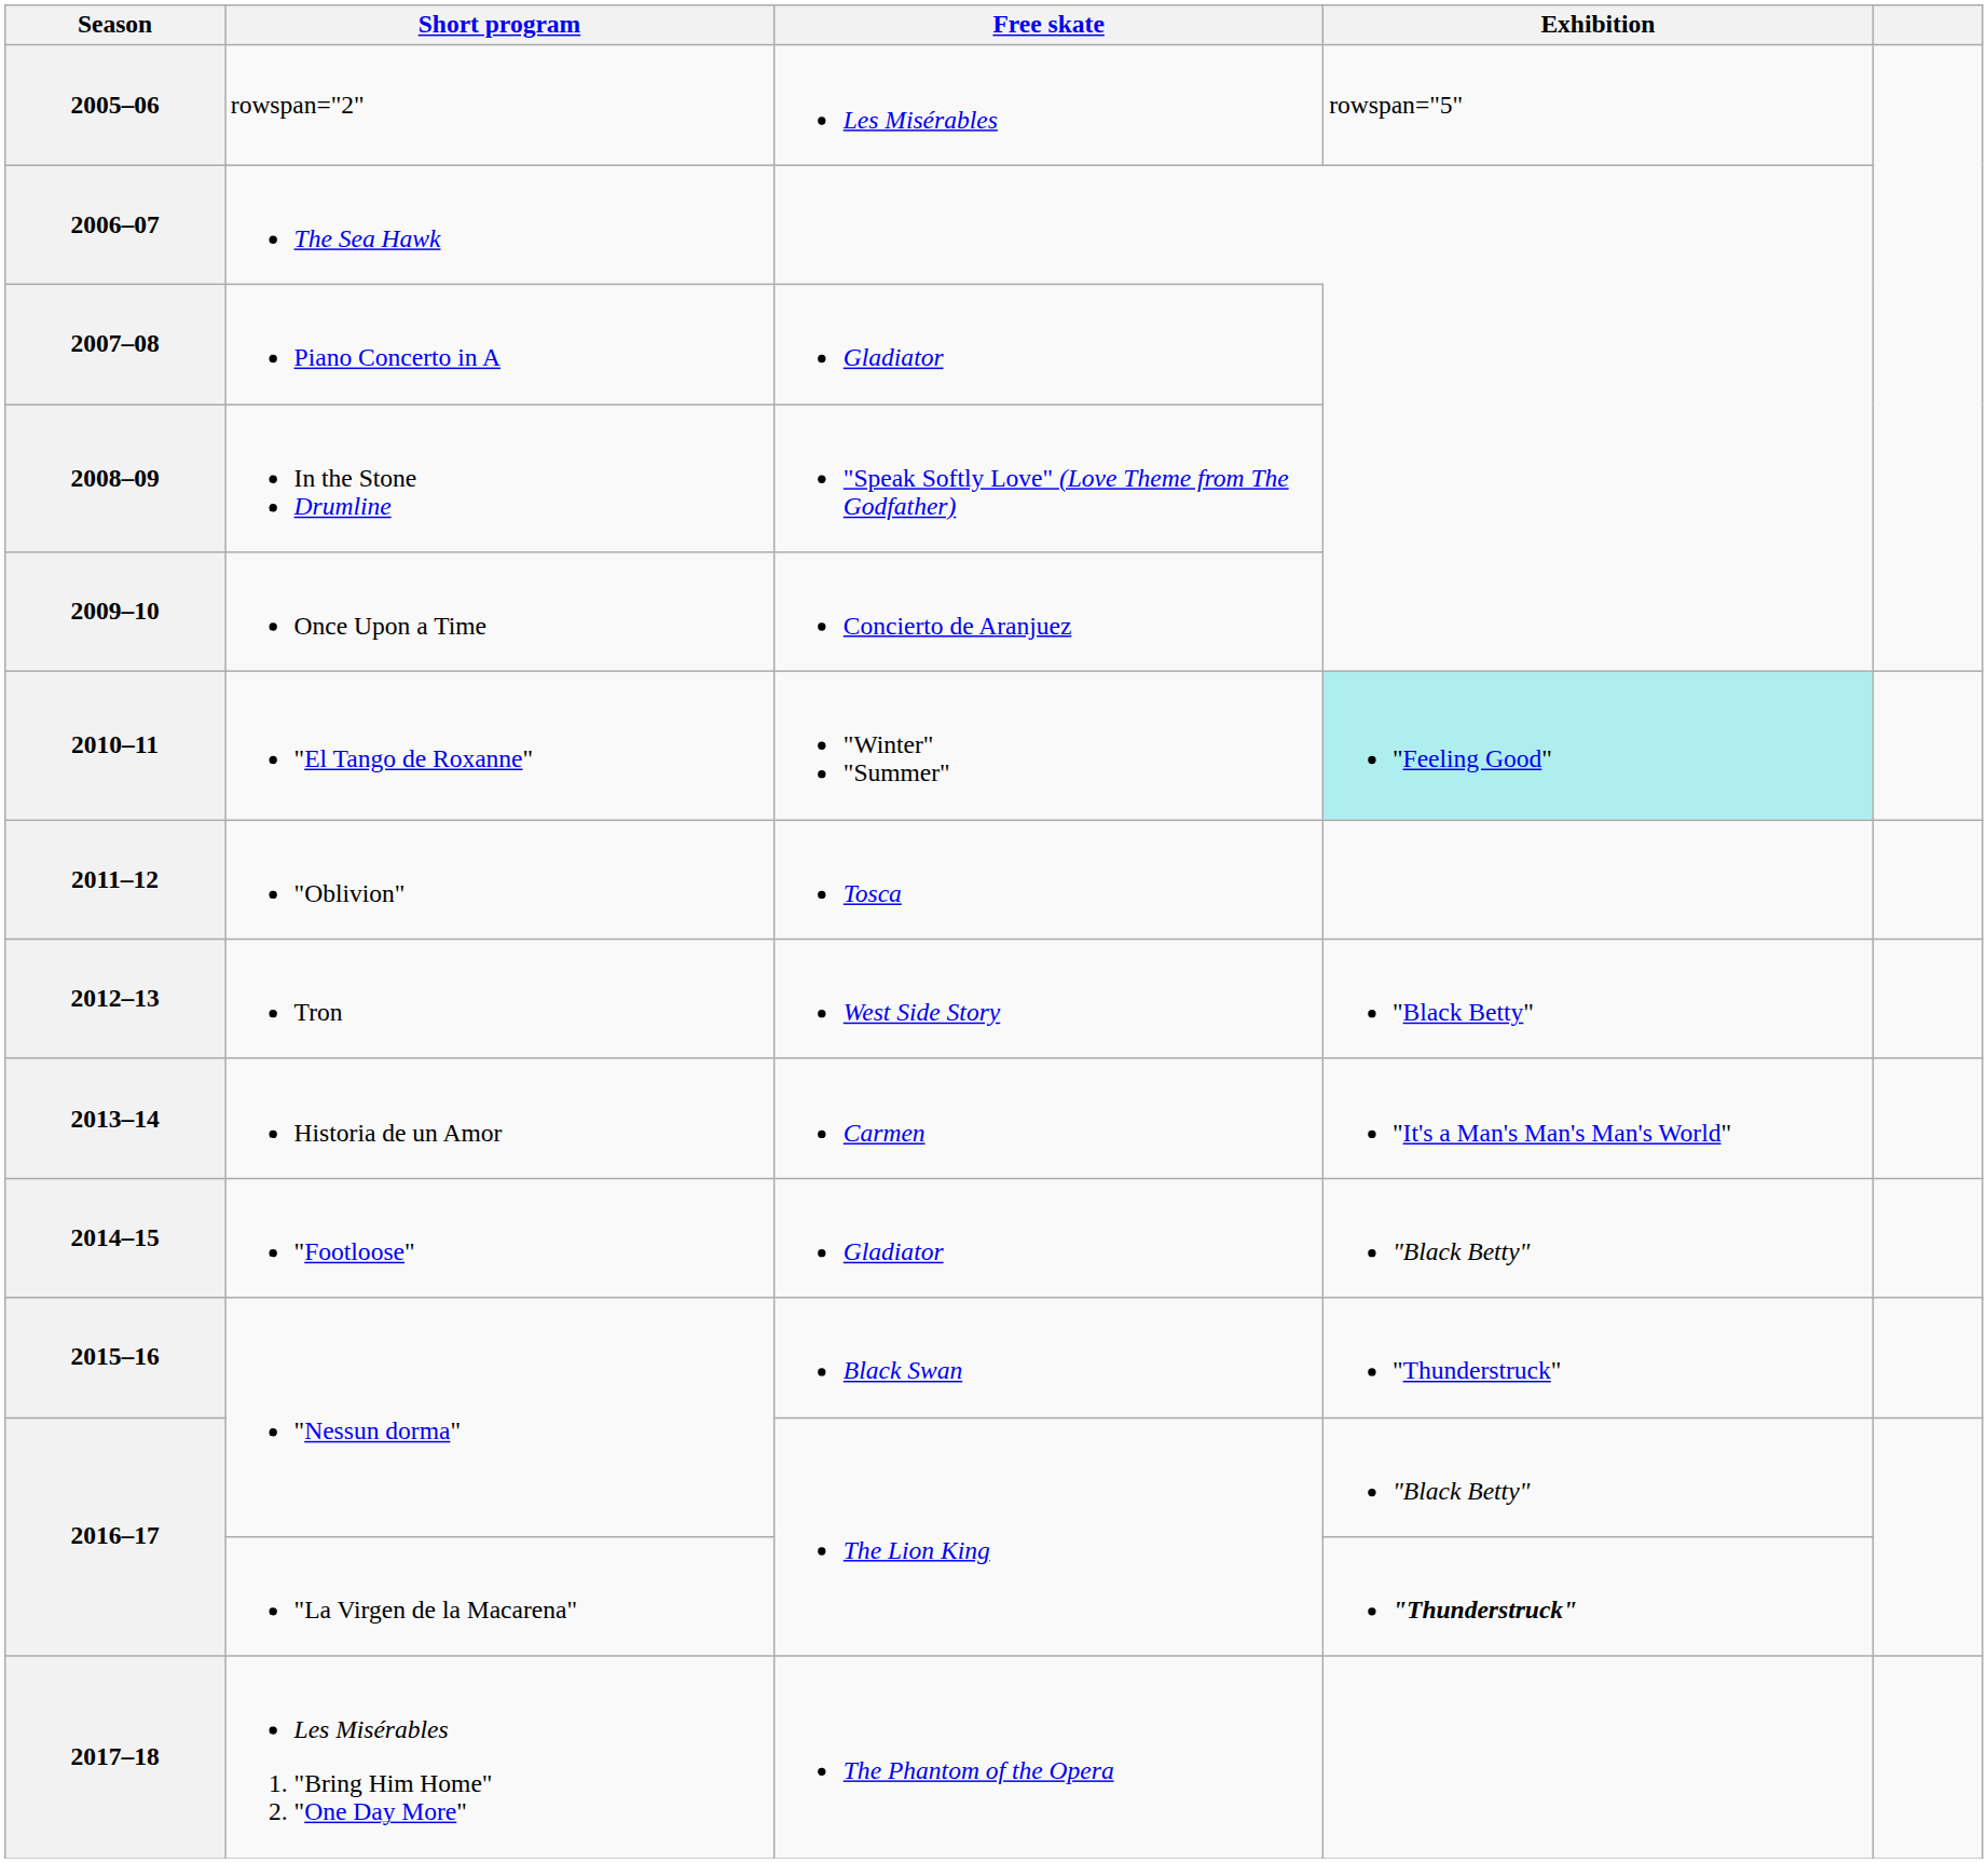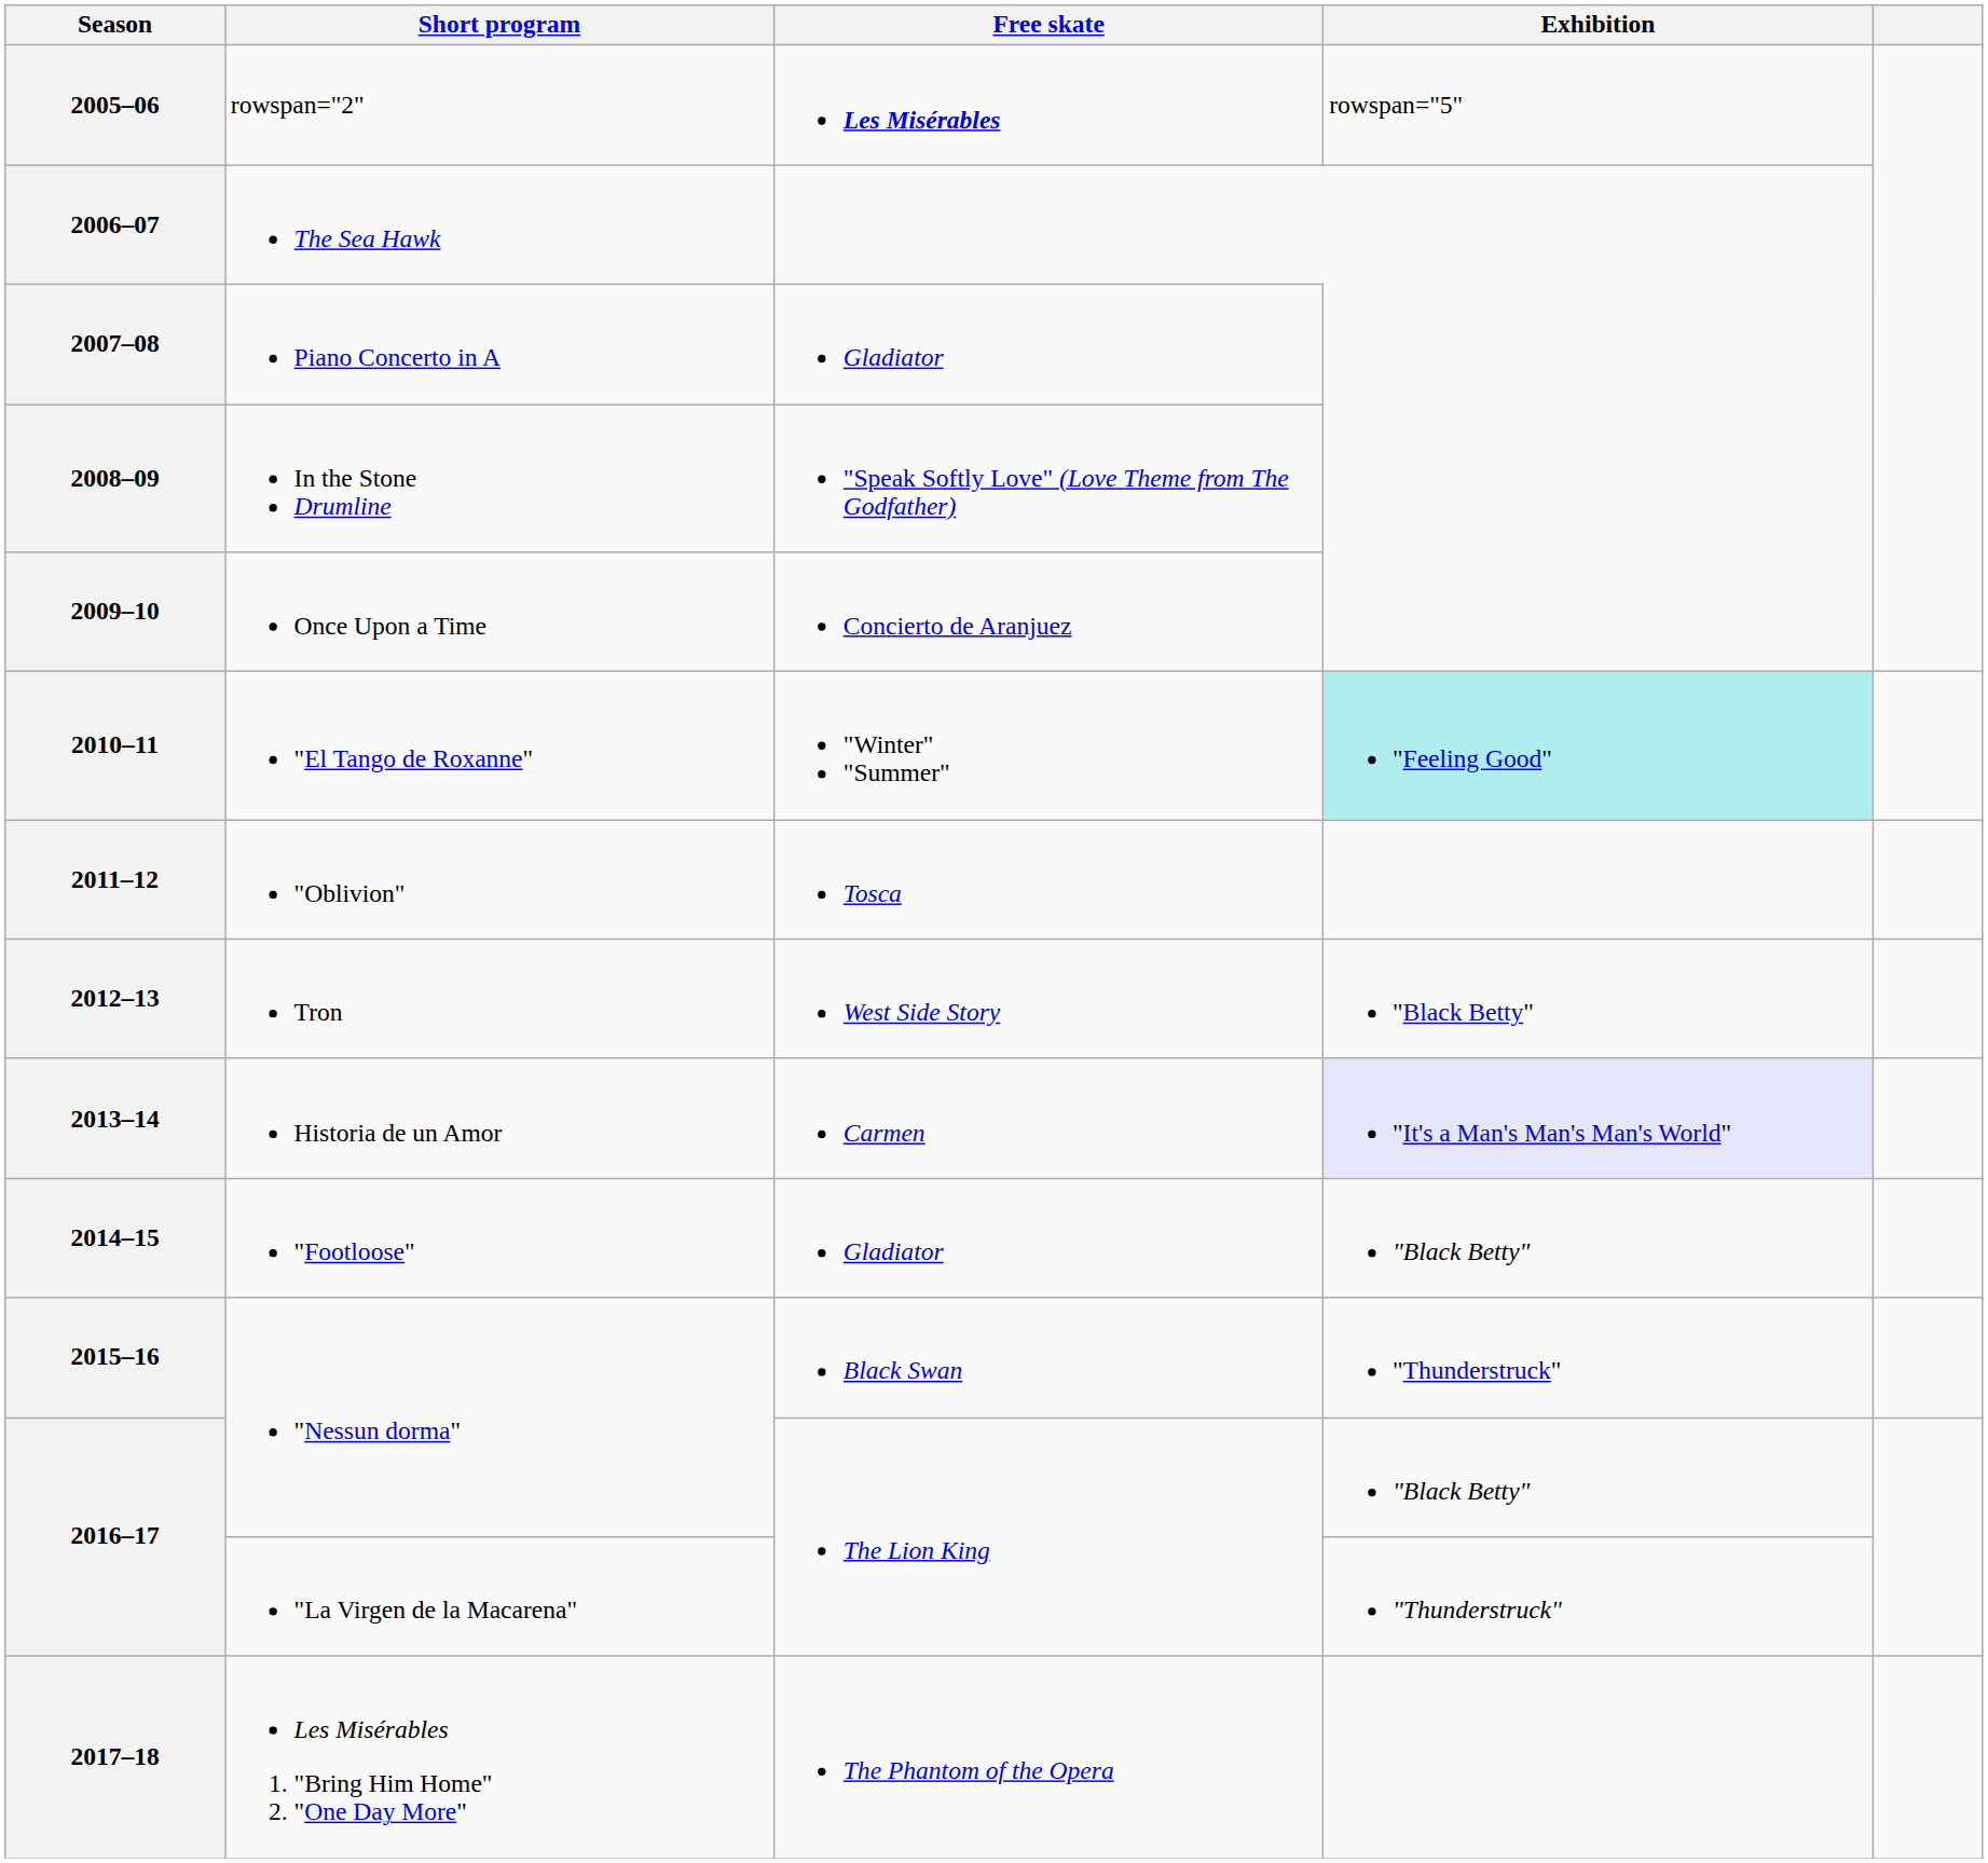 <table class="wikitable unsortable" style="text-align:left">
 <tr>
 <th scope="col" style="text-align:center; width:10%">Season</th>
 <th scope="col" style="text-align:center; width:25%"><a href='#'>Short program</a></th>
 <th scope="col" style="text-align:center; width:25%"><a href='#'>Free skate</a></th>
 <th scope="col" style="text-align:center; width:25%">Exhibition</th>
 <th scope="col" style="text-align:center; width:5%"></th>
 </tr>
 <tr>
 <th scope="row">2005–06</th>
 <td>rowspan="2" </td>
-<td><br><ul><li><em><a href='#'>Les Misérables</a></em><br></li></ul></td>
+<td><strong><br><ul><li><em><a href='#'>Les Misérables</a></em><br></li></ul></strong></td>
 <td>rowspan="5" </td>
 <td rowspan="5"></td>
 </tr>
 <tr>
 <th scope="row">2006–07</th>
 <td><br><ul><li><em><a href='#'>The Sea Hawk</a></em><br></li></ul></td>
 </tr>
 <tr>
 <th scope="row">2007–08</th>
 <td><br><ul><li><a href='#'>Piano Concerto in A</a><br></li></ul></td>
 <td><br><ul><li><em><a href='#'>Gladiator</a></em><br></li></ul></td>
 </tr>
 <tr>
 <th scope="row">2008–09</th>
 <td><br><ul><li>In the Stone</li><li><em><a href='#'>Drumline</a></em><br></li></ul></td>
 <td><br><ul><li><a href='#'>"Speak Softly Love" <em>(Love Theme from The Godfather)</em></a><br></li></ul></td>
 </tr>
 <tr>
 <th scope="row">2009–10</th>
 <td><br><ul><li>Once Upon a Time</li></ul></td>
 <td><br><ul><li><a href='#'>Concierto de Aranjuez</a><br></li></ul></td>
 </tr>
 <tr>
 <th scope="row">2010–11</th>
 <td><br><ul><li>"<a href='#'>El Tango de Roxanne</a>"<br></li></ul></td>
 <td><br><ul><li>"Winter"</li><li>"Summer"<br></li></ul></td>
 <td style="background: paleturquoise;"><br><ul><li>"<a href='#'>Feeling Good</a>"<br></li></ul></td>
 <td></td>
 </tr>
 <tr>
 <th scope="row">2011–12</th>
 <td><br><ul><li>"Oblivion"<br></li></ul></td>
 <td><br><ul><li><em><a href='#'>Tosca</a></em><br></li></ul></td>
 <td></td>
 <td></td>
 </tr>
 <tr>
 <th scope="row">2012–13</th>
 <td><br><ul><li>Tron<br></li></ul></td>
 <td><br><ul><li><em><a href='#'>West Side Story</a></em><br></li></ul></td>
 <td><br><ul><li>"<a href='#'>Black Betty</a>"<br></li></ul></td>
 <td></td>
 </tr>
 <tr>
 <th scope="row">2013–14</th>
 <td><br><ul><li>Historia de un Amor<br></li></ul></td>
 <td><br><ul><li><em><a href='#'>Carmen</a></em><br></li></ul></td>
-<td><br><ul><li>"<a href='#'>It's a Man's Man's Man's World</a>"<br></li></ul></td>
+<td style="background: lavender;"><br><ul><li>"<a href='#'>It's a Man's Man's Man's World</a>"<br></li></ul></td>
 <td></td>
 </tr>
 <tr>
 <th rowspan="2">2014–15</th>
 <td><br><ul><li>"<a href='#'>Footloose</a>"<br></li></ul></td>
 <td><br><ul><li><em><a href='#'>Gladiator</a></em><br></li></ul></td>
 <td rowspan="2"><br><ul><li><em>"Black Betty"</em></li></ul></td>
 <td rowspan="2"></td>
 </tr>
 <tr>
 <td rowspan="3"><br><ul><li>"<a href='#'>Nessun dorma</a>"<br></li></ul></td>
 <td rowspan="2"><br><ul><li><em><a href='#'>Black Swan</a></em><br></li></ul></td>
 </tr>
 <tr>
 <th scope="row">2015–16</th>
 <td><br><ul><li>"<a href='#'>Thunderstruck</a>"<br></li></ul></td>
 <td></td>
 </tr>
 <tr>
 <th rowspan="2">2016–17</th>
 <td rowspan="2"><br><ul><li><em><a href='#'>The Lion King</a></em><br></li></ul></td>
 <td><br><ul><li><em>"Black Betty"</em></li></ul></td>
 <td rowspan="2"></td>
 </tr>
 <tr>
 <td><br><ul><li>"La Virgen de la Macarena"<br></li></ul></td>
-<td><strong><br><ul><li><em>"Thunderstruck"</em></li></ul></strong></td>
+<td><br><ul><li><em>"Thunderstruck"</em></li></ul></td>
 </tr>
 <tr>
 <th scope="row">2017–18</th>
 <td><br><ul><li><em>Les Misérables</em><br></li></ul><ol><li>"Bring Him Home"</li><li>"<a href='#'>One Day More</a>"<br></li></ol></td>
 <td><br><ul><li><em><a href='#'>The Phantom of the Opera</a></em><br></li></ul></td>
 <td></td>
 <td></td>
 </tr>
 </table>
